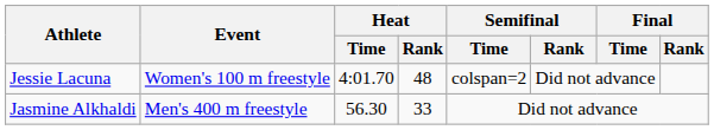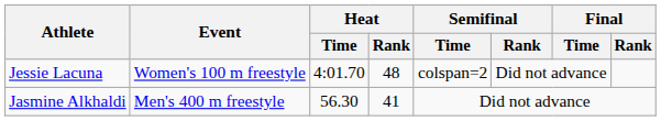 <table class=wikitable style="font-size:90%">
 <tr>
 <th rowspan="2">Athlete</th>
 <th rowspan="2">Event</th>
 <th colspan="2">Heat</th>
 <th colspan="2">Semifinal</th>
 <th colspan="2">Final</th>
 </tr>
 <tr style="font-size:95%">
 <th>Time</th>
 <th>Rank</th>
 <th>Time</th>
 <th>Rank</th>
 <th>Time</th>
 <th>Rank</th>
 </tr>
 <tr align=center>
 <td align=left><a href='#'>Jessie Lacuna</a></td>
 <td align=left><a href='#'>Women's 100 m freestyle</a></td>
 <td>4:01.70</td>
 <td>48</td>
 <td>colspan=2 </td>
 <td colspan=2>Did not advance</td>
 </tr>
 <tr align=center>
 <td align=left><a href='#'>Jasmine Alkhaldi</a></td>
 <td align=left><a href='#'>Men's 400 m freestyle</a></td>
 <td>56.30</td>
-<td>33</td>
+<td>41</td>
 <td colspan=4>Did not advance</td>
 </tr>
 </table>
